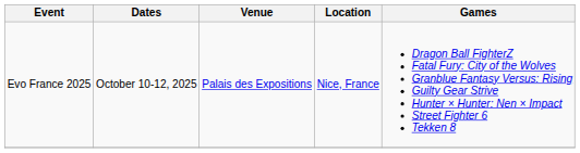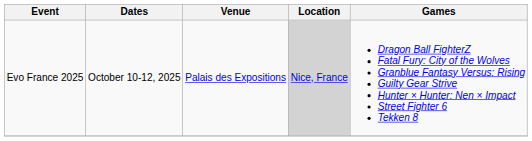 <table class="wikitable sortable">
 <tr>
 <th>Event</th>
 <th>Dates</th>
 <th>Venue</th>
 <th>Location</th>
 <th>Games</th>
 </tr>
 <tr>
 <td>Evo France 2025</td>
 <td>October 10-12, 2025</td>
 <td><a href='#'>Palais des Expositions</a></td>
-<td><a href='#'>Nice, France</a></td>
+<td style="background: lightgrey;"><a href='#'>Nice, France</a></td>
 <td><br><ul><li><em><a href='#'>Dragon Ball FighterZ</a></em></li><li><em><a href='#'>Fatal Fury: City of the Wolves</a></em></li><li><em><a href='#'>Granblue Fantasy Versus: Rising</a></em></li><li><em><a href='#'>Guilty Gear Strive</a></em></li><li><em><a href='#'>Hunter × Hunter: Nen × Impact</a></em></li><li><em><a href='#'>Street Fighter 6</a></em></li><li><em><a href='#'>Tekken 8</a></em></li></ul></td>
 </tr>
 <tr>
 </tr>
 </table>
